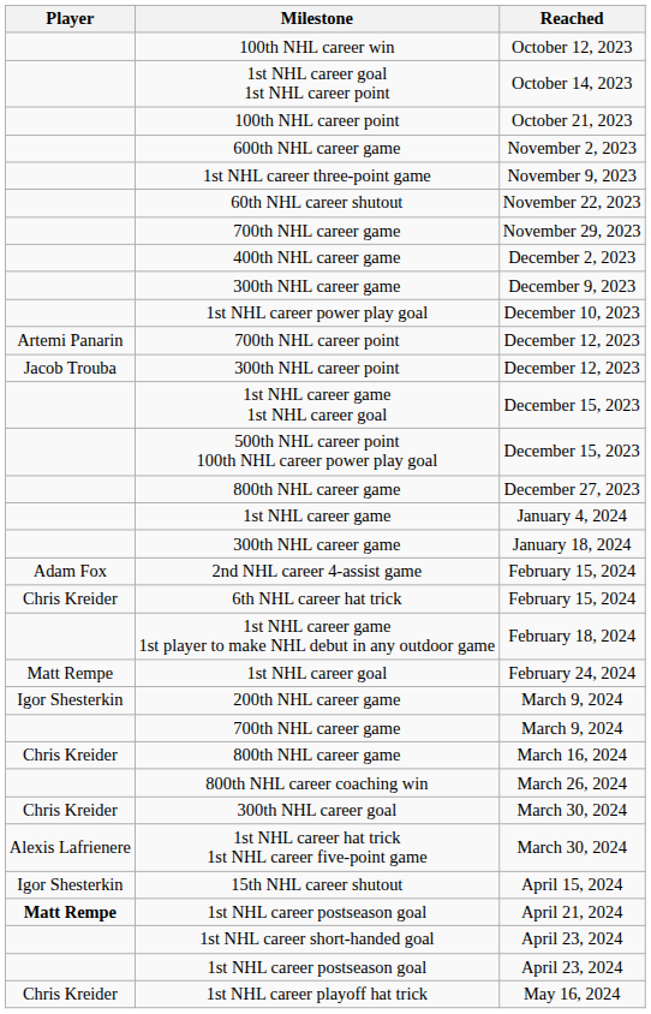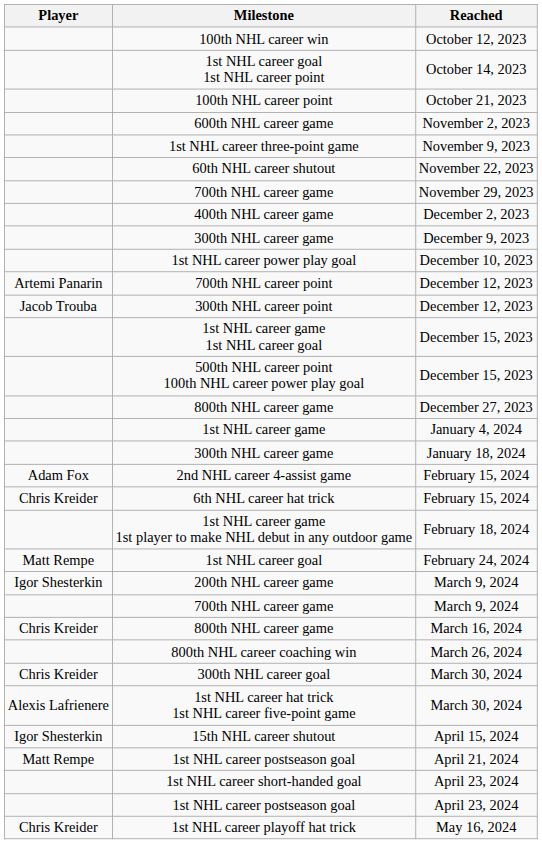 <table class="wikitable sortable" style="text-align:center;">
 <tr>
 <th>Player</th>
 <th>Milestone</th>
 <th>Reached</th>
 </tr>
 <tr>
 <td></td>
 <td>100th NHL career win</td>
 <td>October 12, 2023</td>
 </tr>
 <tr>
 <td></td>
 <td>1st NHL career goal<br>1st NHL career point</td>
 <td>October 14, 2023</td>
 </tr>
 <tr>
 <td></td>
 <td>100th NHL career point</td>
 <td>October 21, 2023</td>
 </tr>
 <tr>
 <td></td>
 <td>600th NHL career game</td>
 <td>November 2, 2023</td>
 </tr>
 <tr>
 <td></td>
 <td>1st NHL career three-point game</td>
 <td>November 9, 2023</td>
 </tr>
 <tr>
 <td></td>
 <td>60th NHL career shutout</td>
 <td>November 22, 2023</td>
 </tr>
 <tr>
 <td></td>
 <td>700th NHL career game</td>
 <td>November 29, 2023</td>
 </tr>
 <tr>
 <td></td>
 <td>400th NHL career game</td>
 <td>December 2, 2023</td>
 </tr>
 <tr>
 <td></td>
 <td>300th NHL career game</td>
 <td>December 9, 2023</td>
 </tr>
 <tr>
 <td></td>
 <td>1st NHL career power play goal</td>
 <td>December 10, 2023</td>
 </tr>
 <tr>
 <td>Artemi Panarin</td>
 <td>700th NHL career point</td>
 <td>December 12, 2023</td>
 </tr>
 <tr>
 <td>Jacob Trouba</td>
 <td>300th NHL career point</td>
 <td>December 12, 2023</td>
 </tr>
 <tr>
 <td></td>
 <td>1st NHL career game<br>1st NHL career goal</td>
 <td>December 15, 2023</td>
 </tr>
 <tr>
 <td></td>
 <td>500th NHL career point<br>100th NHL career power play goal</td>
 <td>December 15, 2023</td>
 </tr>
 <tr>
 <td></td>
 <td>800th NHL career game</td>
 <td>December 27, 2023</td>
 </tr>
 <tr>
 <td></td>
 <td>1st NHL career game</td>
 <td>January 4, 2024</td>
 </tr>
 <tr>
 <td></td>
 <td>300th NHL career game</td>
 <td>January 18, 2024</td>
 </tr>
 <tr>
 <td>Adam Fox</td>
 <td>2nd NHL career 4-assist game</td>
 <td>February 15, 2024</td>
 </tr>
 <tr>
 <td>Chris Kreider</td>
 <td>6th NHL career hat trick</td>
 <td>February 15, 2024</td>
 </tr>
 <tr>
 <td></td>
 <td>1st NHL career game<br>1st player to make NHL debut in any outdoor game</td>
 <td>February 18, 2024</td>
 </tr>
 <tr>
 <td>Matt Rempe</td>
 <td>1st NHL career goal</td>
 <td>February 24, 2024</td>
 </tr>
 <tr>
 <td>Igor Shesterkin</td>
 <td>200th NHL career game</td>
 <td>March 9, 2024</td>
 </tr>
 <tr>
 <td></td>
 <td>700th NHL career game</td>
 <td>March 9, 2024</td>
 </tr>
 <tr>
 <td>Chris Kreider</td>
 <td>800th NHL career game</td>
 <td>March 16, 2024</td>
 </tr>
 <tr>
 <td></td>
 <td>800th NHL career coaching win</td>
 <td>March 26, 2024</td>
 </tr>
 <tr>
 <td>Chris Kreider</td>
 <td>300th NHL career goal</td>
 <td>March 30, 2024</td>
 </tr>
 <tr>
 <td>Alexis Lafrienere</td>
 <td>1st NHL career hat trick<br>1st NHL career five-point game</td>
 <td>March 30, 2024</td>
 </tr>
 <tr>
 <td>Igor Shesterkin</td>
 <td>15th NHL career shutout</td>
 <td>April 15, 2024</td>
 </tr>
 <tr>
-<td><strong>Matt Rempe</strong></td>
+<td>Matt Rempe</td>
 <td>1st NHL career postseason goal</td>
 <td>April 21, 2024</td>
 </tr>
 <tr>
 <td></td>
 <td>1st NHL career short-handed goal</td>
 <td>April 23, 2024</td>
 </tr>
 <tr>
 <td></td>
 <td>1st NHL career postseason goal</td>
 <td>April 23, 2024</td>
 </tr>
 <tr>
 <td>Chris Kreider</td>
 <td>1st NHL career playoff hat trick</td>
 <td>May 16, 2024</td>
 </tr>
 </table>
